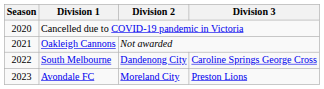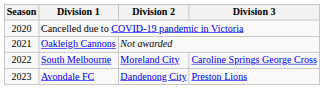 <table class="wikitable">
 <tr>
 <th>Season</th>
 <th>Division 1</th>
 <th>Division 2</th>
 <th>Division 3</th>
 </tr>
 <tr>
 <td align="center">2020</td>
 <td colspan="3">Cancelled due to <a href='#'>COVID-19 pandemic in Victoria</a></td>
 </tr>
 <tr>
 <td align="center">2021</td>
 <td><a href='#'>Oakleigh Cannons</a></td>
 <td colspan="2"><em>Not awarded</em></td>
 </tr>
 <tr>
 <td align="center">2022</td>
 <td><a href='#'>South Melbourne</a></td>
-<td><a href='#'>Dandenong City</a></td>
+<td><a href='#'>Moreland City</a></td>
 <td><a href='#'>Caroline Springs George Cross</a></td>
 </tr>
 <tr>
 <td align="center">2023</td>
 <td><a href='#'>Avondale FC</a></td>
-<td><a href='#'>Moreland City</a></td>
+<td><a href='#'>Dandenong City</a></td>
 <td><a href='#'>Preston Lions</a></td>
 </tr>
 </table>
